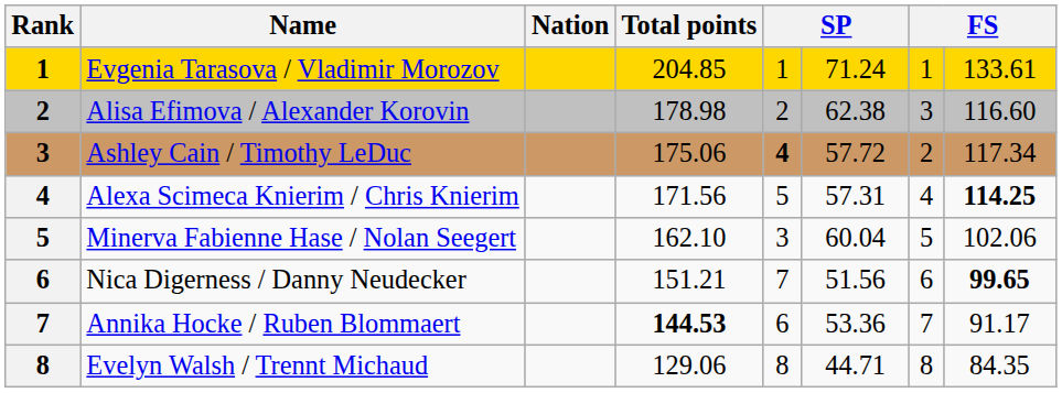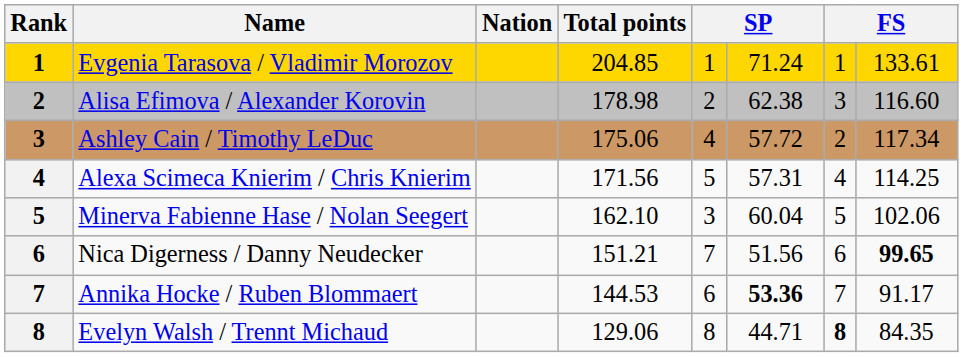 <table class="wikitable sortable">
 <tr>
 <th>Rank</th>
 <th>Name</th>
 <th>Nation</th>
 <th>Total points</th>
 <th colspan="2" width="80px"><a href='#'>SP</a></th>
 <th colspan="2" width="80px"><a href='#'>FS</a></th>
 </tr>
 <tr bgcolor="gold">
 <td align="center"><strong>1</strong></td>
 <td><a href='#'>Evgenia Tarasova</a> / <a href='#'>Vladimir Morozov</a></td>
 <td></td>
 <td align="center">204.85</td>
 <td align="center">1</td>
 <td align="center">71.24</td>
 <td align="center">1</td>
 <td align="center">133.61</td>
 </tr>
 <tr bgcolor="silver">
 <td align="center"><strong>2</strong></td>
 <td><a href='#'>Alisa Efimova</a> / <a href='#'>Alexander Korovin</a></td>
 <td></td>
 <td align="center">178.98</td>
 <td align="center">2</td>
 <td align="center">62.38</td>
 <td align="center">3</td>
 <td align="center">116.60</td>
 </tr>
 <tr bgcolor="cc9966">
 <td align="center"><strong>3</strong></td>
 <td><a href='#'>Ashley Cain</a> / <a href='#'>Timothy LeDuc</a></td>
 <td></td>
 <td align="center">175.06</td>
-<td align="center"><strong>4</strong></td>
+<td align="center">4</td>
 <td align="center">57.72</td>
 <td align="center">2</td>
 <td align="center">117.34</td>
 </tr>
 <tr>
 <th>4</th>
 <td><a href='#'>Alexa Scimeca Knierim</a> / <a href='#'>Chris Knierim</a></td>
 <td></td>
 <td align="center">171.56</td>
 <td align="center">5</td>
 <td align="center">57.31</td>
 <td align="center">4</td>
-<td align="center"><strong>114.25</strong></td>
+<td align="center">114.25</td>
 </tr>
 <tr>
 <th>5</th>
 <td><a href='#'>Minerva Fabienne Hase</a> / <a href='#'>Nolan Seegert</a></td>
 <td></td>
 <td align="center">162.10</td>
 <td align="center">3</td>
 <td align="center">60.04</td>
 <td align="center">5</td>
 <td align="center">102.06</td>
 </tr>
 <tr>
 <th>6</th>
 <td>Nica Digerness / Danny Neudecker</td>
 <td></td>
 <td align="center">151.21</td>
 <td align="center">7</td>
 <td align="center">51.56</td>
 <td align="center">6</td>
 <td align="center"><strong>99.65</strong></td>
 </tr>
 <tr>
 <th>7</th>
 <td><a href='#'>Annika Hocke</a> / <a href='#'>Ruben Blommaert</a></td>
 <td></td>
-<td align="center"><strong>144.53</strong></td>
+<td align="center">144.53</td>
 <td align="center">6</td>
-<td align="center">53.36</td>
+<td align="center"><strong>53.36</strong></td>
 <td align="center">7</td>
 <td align="center">91.17</td>
 </tr>
 <tr>
 <th>8</th>
 <td><a href='#'>Evelyn Walsh</a> / <a href='#'>Trennt Michaud</a></td>
 <td></td>
 <td align="center">129.06</td>
 <td align="center">8</td>
 <td align="center">44.71</td>
-<td align="center">8</td>
+<td align="center"><strong>8</strong></td>
 <td align="center">84.35</td>
 </tr>
 </table>
